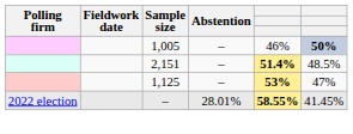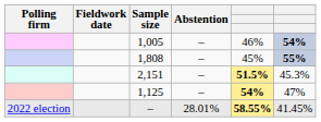 <table class="wikitable" style="text-align:center;font-size:90%;line-height:14px;">
 <tr>
 <th rowspan="3">Polling<br>firm</th>
 <th rowspan="3">Fieldwork<br>date</th>
 <th rowspan="3">Sample<br>size</th>
 <th rowspan="3">Abstention</th>
 <th></th>
 <th></th>
 </tr>
 <tr>
 <th></th>
 <th></th>
 </tr>
 <tr>
 <th style="background:"></th>
 <th style="background:"></th>
 </tr>
 <tr>
 <td style="background:#FFCCFF;"></td>
 <td></td>
 <td>1,005</td>
 <td>–</td>
 <td>46%</td>
-<td style="background:#C1CCE1;"><strong>50%</strong></td>
+<td style="background:#C1CCE1;"><strong>54%</strong></td>
+</tr>
+<tr>
+<td style="background:#CAD5F7;"></td>
+<td></td>
+<td>1,808</td>
+<td>–</td>
+<td>45%</td>
+<td style="background:#C1CCE1;"><strong>55%</strong></td>
 </tr>
 <tr>
 <td style="background:#d9fff6;"></td>
 <td></td>
 <td>2,151</td>
 <td>–</td>
-<td style="background:#FFEF95;"><strong>51.4%</strong></td>
-<td>48.5%</td>
+<td style="background:#FFEF95;"><strong>51.5%</strong></td>
+<td>45.3%</td>
 </tr>
 <tr>
 <td style="background:#FFCCCC;"></td>
 <td></td>
 <td>1,125</td>
 <td>–</td>
-<td style="background:#FFEF95;"><strong>53%</strong></td>
+<td style="background:#FFEF95;"><strong>54%</strong></td>
 <td>47%</td>
 </tr>
 <tr style="background:#E9E9E9;">
 <td><a href='#'>2022 election</a></td>
 <td></td>
 <td>–</td>
 <td>28.01%</td>
 <td style="background:#FFEF95;"><strong>58.55%</strong></td>
 <td>41.45%</td>
 </tr>
 </table>
